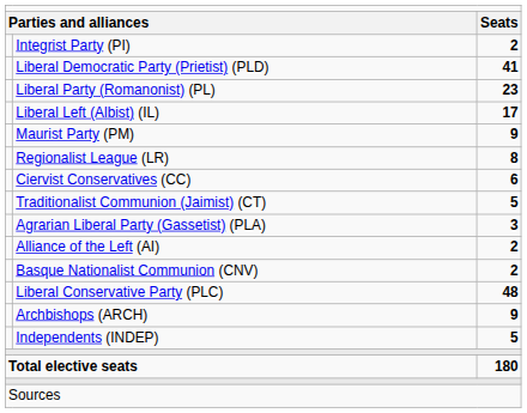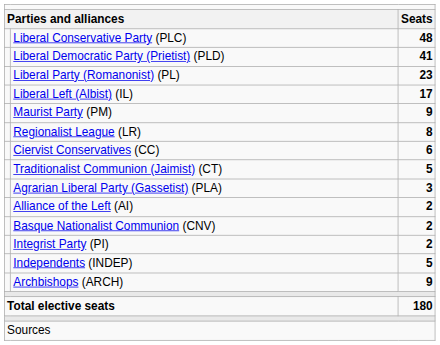 <table class="wikitable" style="text-align:right;">
 <tr>
 <td colspan="3"></td>
 </tr>
 <tr>
 <th style="text-align:left;" colspan="2" width="525">Parties and alliances</th>
 <th width="35">Seats</th>
 </tr>
 <tr>
-<td style="color:inherit;background:"></td>
-<td align="left"><a href='#'>Integrist Party</a> (PI)</td>
-<td><strong>2</strong></td>
+<td width="1" style="color:inherit;background:"></td>
+<td align="left"><a href='#'>Liberal Conservative Party</a> (PLC)</td>
+<td><strong>48</strong></td>
 </tr>
 <tr>
 <td style="color:inherit;background:"></td>
 <td align="left"><a href='#'>Liberal Democratic Party (Prietist)</a> (PLD)</td>
 <td><strong>41</strong></td>
 </tr>
 <tr>
 <td style="color:inherit;background:"></td>
 <td align="left"><a href='#'>Liberal Party (Romanonist)</a> (PL)</td>
 <td><strong>23</strong></td>
 </tr>
 <tr>
 <td style="color:inherit;background:"></td>
 <td align="left"><a href='#'>Liberal Left (Albist)</a> (IL)</td>
 <td><strong>17</strong></td>
 </tr>
 <tr>
 <td style="color:inherit;background:"></td>
 <td align="left"><a href='#'>Maurist Party</a> (PM)</td>
 <td><strong>9</strong></td>
 </tr>
 <tr>
 <td style="color:inherit;background:"></td>
 <td align="left"><a href='#'>Regionalist League</a> (LR)</td>
 <td><strong>8</strong></td>
 </tr>
 <tr>
 <td style="color:inherit;background:"></td>
 <td align="left"><a href='#'>Ciervist Conservatives</a> (CC)</td>
 <td><strong>6</strong></td>
 </tr>
 <tr>
 <td style="color:inherit;background:"></td>
 <td align="left"><a href='#'>Traditionalist Communion (Jaimist)</a> (CT)</td>
 <td><strong>5</strong></td>
 </tr>
 <tr>
 <td style="color:inherit;background:"></td>
 <td align="left"><a href='#'>Agrarian Liberal Party (Gassetist)</a> (PLA)</td>
 <td><strong>3</strong></td>
 </tr>
 <tr>
 <td style="color:inherit;background:"></td>
 <td align="left"><a href='#'>Alliance of the Left</a> (AI)</td>
 <td><strong>2</strong></td>
 </tr>
 <tr>
 <td style="color:inherit;background:"></td>
 <td align="left"><a href='#'>Basque Nationalist Communion</a> (CNV)</td>
 <td><strong>2</strong></td>
 </tr>
 <tr>
-<td width="1" style="color:inherit;background:"></td>
-<td align="left"><a href='#'>Liberal Conservative Party</a> (PLC)</td>
-<td><strong>48</strong></td>
+<td style="color:inherit;background:"></td>
+<td align="left"><a href='#'>Integrist Party</a> (PI)</td>
+<td><strong>2</strong></td>
+</tr>
+<tr>
+<td style="color:inherit;background:"></td>
+<td align="left"><a href='#'>Independents</a> (INDEP)</td>
+<td><strong>5</strong></td>
 </tr>
 <tr>
 <td style="color:inherit;background:"></td>
 <td align="left"><a href='#'>Archbishops</a> (ARCH)</td>
 <td><strong>9</strong></td>
-</tr>
-<tr>
-<td style="color:inherit;background:"></td>
-<td align="left"><a href='#'>Independents</a> (INDEP)</td>
-<td><strong>5</strong></td>
 </tr>
 <tr>
 <td colspan="3" bgcolor="#E9E9E9"></td>
 </tr>
 <tr style="font-weight:bold;">
 <td align="left" colspan="2">Total elective seats</td>
 <td>180</td>
 </tr>
 <tr>
 <td colspan="3" bgcolor="#E9E9E9"></td>
 </tr>
 <tr>
 <td align="left" colspan="3">Sources</td>
 </tr>
 </table>
